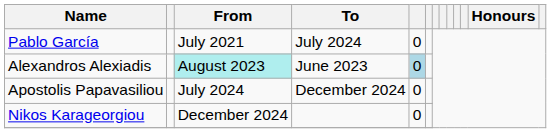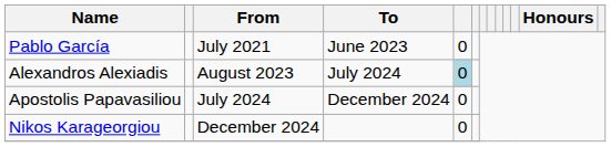 <table class="sortable wikitable" style="text-align: center;">
 <tr>
 <th>Name</th>
 <th></th>
 <th>From</th>
 <th class="unsortable">To</th>
 <th></th>
 <th></th>
 <th></th>
 <th></th>
 <th></th>
 <th></th>
 <th></th>
 <th class="unsortable">Honours</th>
 <th class="unsortable"></th>
 </tr>
 <tr>
 <td align=left><a href='#'>Pablo García</a></td>
 <td align=center></td>
 <td align=left>July 2021</td>
-<td align=left>July 2024<br></td>
+<td align=left>June 2023<br></td>
 <td align=center>0</td>
 <td></td>
 </tr>
 <tr>
 <td align=left>Alexandros Alexiadis</td>
 <td align=center></td>
-<td align=left style="background: paleturquoise;">August 2023</td>
-<td align=left>June 2023<br></td>
+<td align=left>August 2023</td>
+<td align=left>July 2024<br></td>
 <td align=center style="background: lightblue;">0</td>
 <td></td>
 </tr>
 <tr>
 <td align=left>Apostolis Papavasiliou</td>
 <td align=center></td>
 <td align=left>July 2024</td>
 <td align=left>December 2024<br></td>
 <td align=center>0</td>
 <td></td>
 </tr>
 <tr>
 <td align=left><a href='#'>Nikos Karageorgiou</a></td>
 <td align=center></td>
 <td align=left>December 2024</td>
 <td align=left><br></td>
 <td align=center>0</td>
 <td></td>
 </tr>
 <tr>
 </tr>
 </table>
